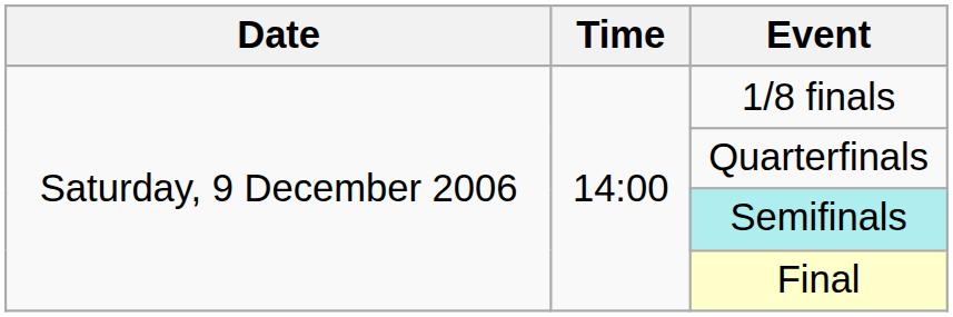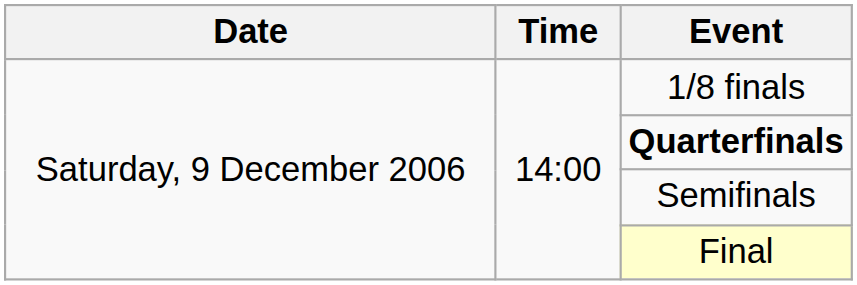 <table class = "wikitable" style="text-align:center;">
 <tr>
 <th width=220>Date</th>
 <th width=50>Time</th>
 <th width=100>Event</th>
 </tr>
 <tr>
 <td rowspan=4>Saturday, 9 December 2006</td>
 <td rowspan=4>14:00</td>
 <td>1/8 finals</td>
 </tr>
 <tr>
-<td>Quarterfinals</td>
+<td><strong>Quarterfinals</strong></td>
 </tr>
 <tr>
-<td style="background: paleturquoise;">Semifinals</td>
+<td>Semifinals</td>
 </tr>
 <tr>
 <td bgcolor=ffffcc>Final</td>
 </tr>
 </table>
